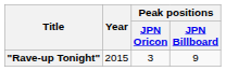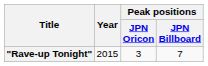 <table class="wikitable plainrowheaders" style="text-align:center;">
 <tr>
 <th scope="col" rowspan="2">Title</th>
 <th scope="col" rowspan="2">Year</th>
 <th scope="col" colspan="2">Peak positions</th>
 </tr>
 <tr>
 <th scope="col" style="width:50px"><a href='#'>JPN<br>Oricon</a></th>
 <th scope="col" style="width:50px"><a href='#'>JPN<br>Billboard</a></th>
 </tr>
 <tr>
 <th scope="row">"Rave-up Tonight"</th>
 <td rowspan="1">2015</td>
 <td>3</td>
-<td>9</td>
+<td>7</td>
 </tr>
 </table>
